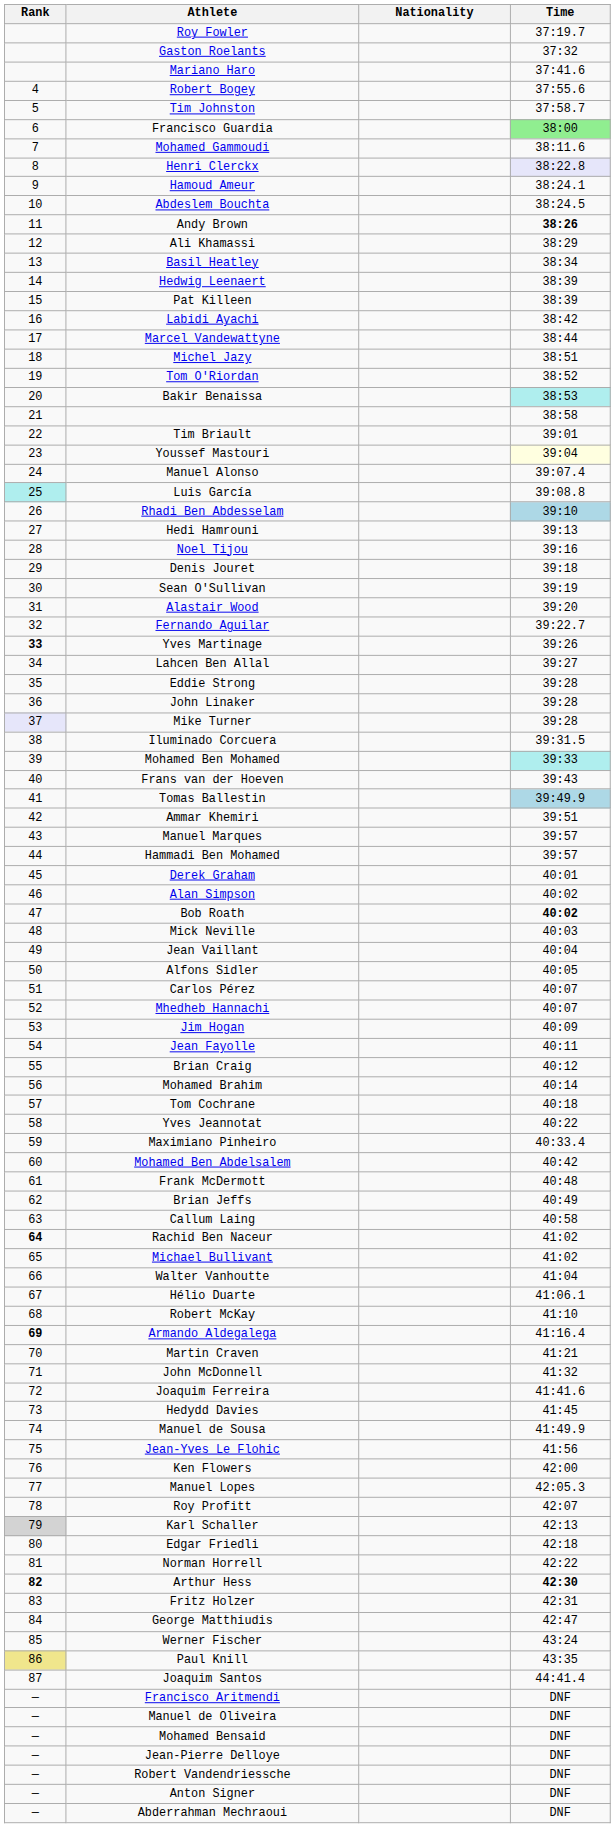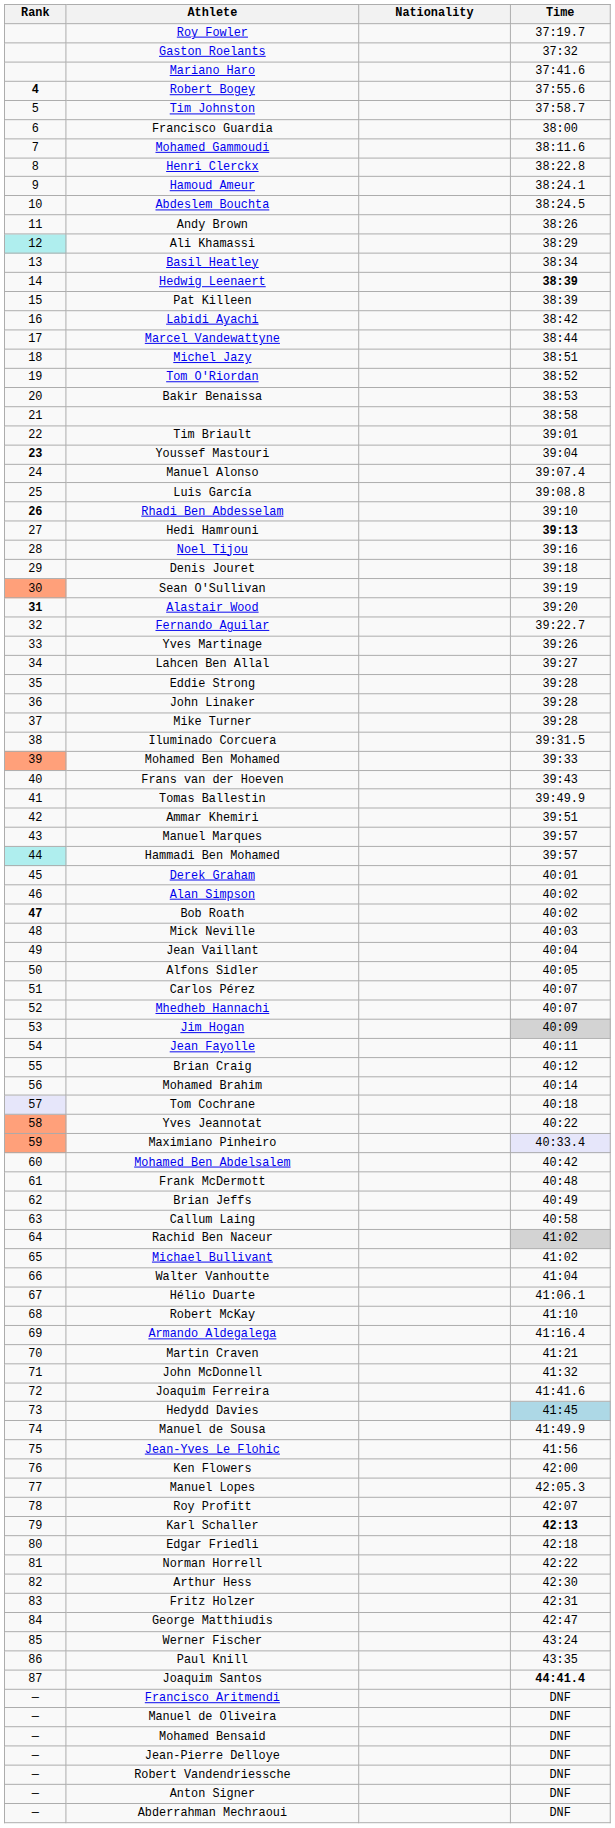 <table class="wikitable sortable" style=" text-align:center; font-size:95%;" width="50%">
 <tr>
 <th>Rank</th>
 <th>Athlete</th>
 <th>Nationality</th>
 <th>Time</th>
 </tr>
 <tr>
 <td align=center></td>
 <td><a href='#'>Roy Fowler</a></td>
 <td></td>
 <td>37:19.7</td>
 </tr>
 <tr>
 <td align=center></td>
 <td><a href='#'>Gaston Roelants</a></td>
 <td></td>
 <td>37:32</td>
 </tr>
 <tr>
 <td align=center></td>
 <td><a href='#'>Mariano Haro</a></td>
 <td></td>
 <td>37:41.6</td>
 </tr>
 <tr>
-<td align=center>4</td>
+<td align=center><strong>4</strong></td>
 <td><a href='#'>Robert Bogey</a></td>
 <td></td>
 <td>37:55.6</td>
 </tr>
 <tr>
 <td align=center>5</td>
 <td><a href='#'>Tim Johnston</a></td>
 <td></td>
 <td>37:58.7</td>
 </tr>
 <tr>
 <td align=center>6</td>
 <td>Francisco Guardia</td>
 <td></td>
-<td style="background: lightgreen;">38:00</td>
+<td>38:00</td>
 </tr>
 <tr>
 <td align=center>7</td>
 <td><a href='#'>Mohamed Gammoudi</a></td>
 <td></td>
 <td>38:11.6</td>
 </tr>
 <tr>
 <td align=center>8</td>
 <td><a href='#'>Henri Clerckx</a></td>
 <td></td>
-<td style="background: lavender;">38:22.8</td>
+<td>38:22.8</td>
 </tr>
 <tr>
 <td align=center>9</td>
 <td><a href='#'>Hamoud Ameur</a></td>
 <td></td>
 <td>38:24.1</td>
 </tr>
 <tr>
 <td align=center>10</td>
 <td><a href='#'>Abdeslem Bouchta</a></td>
 <td></td>
 <td>38:24.5</td>
 </tr>
 <tr>
 <td align=center>11</td>
 <td>Andy Brown</td>
 <td></td>
-<td><strong>38:26</strong></td>
+<td>38:26</td>
 </tr>
 <tr>
-<td align=center>12</td>
+<td align=center style="background: paleturquoise;">12</td>
 <td>Ali Khamassi</td>
 <td></td>
 <td>38:29</td>
 </tr>
 <tr>
 <td align=center>13</td>
 <td><a href='#'>Basil Heatley</a></td>
 <td></td>
 <td>38:34</td>
 </tr>
 <tr>
 <td align=center>14</td>
 <td><a href='#'>Hedwig Leenaert</a></td>
 <td></td>
-<td>38:39</td>
+<td><strong>38:39</strong></td>
 </tr>
 <tr>
 <td align=center>15</td>
 <td>Pat Killeen</td>
 <td></td>
 <td>38:39</td>
 </tr>
 <tr>
 <td align=center>16</td>
 <td><a href='#'>Labidi Ayachi</a></td>
 <td></td>
 <td>38:42</td>
 </tr>
 <tr>
 <td align=center>17</td>
 <td><a href='#'>Marcel Vandewattyne</a></td>
 <td></td>
 <td>38:44</td>
 </tr>
 <tr>
 <td align=center>18</td>
 <td><a href='#'>Michel Jazy</a></td>
 <td></td>
 <td>38:51</td>
 </tr>
 <tr>
 <td align=center>19</td>
 <td><a href='#'>Tom O'Riordan</a></td>
 <td></td>
 <td>38:52</td>
 </tr>
 <tr>
 <td align=center>20</td>
 <td>Bakir Benaissa</td>
 <td></td>
-<td style="background: paleturquoise;">38:53</td>
+<td>38:53</td>
 </tr>
 <tr>
 <td align=center>21</td>
 <td></td>
 <td></td>
 <td>38:58</td>
 </tr>
 <tr>
 <td align=center>22</td>
 <td>Tim Briault</td>
 <td></td>
 <td>39:01</td>
 </tr>
 <tr>
-<td align=center>23</td>
+<td align=center><strong>23</strong></td>
 <td>Youssef Mastouri</td>
 <td></td>
-<td style="background: lightyellow;">39:04</td>
+<td>39:04</td>
 </tr>
 <tr>
 <td align=center>24</td>
 <td>Manuel Alonso</td>
 <td></td>
 <td>39:07.4</td>
 </tr>
 <tr>
-<td align=center style="background: paleturquoise;">25</td>
+<td align=center>25</td>
 <td>Luis García</td>
 <td></td>
 <td>39:08.8</td>
 </tr>
 <tr>
-<td align=center>26</td>
+<td align=center><strong>26</strong></td>
 <td><a href='#'>Rhadi Ben Abdesselam</a></td>
 <td></td>
-<td style="background: lightblue;">39:10</td>
+<td>39:10</td>
 </tr>
 <tr>
 <td align=center>27</td>
 <td>Hedi Hamrouni</td>
 <td></td>
-<td>39:13</td>
+<td><strong>39:13</strong></td>
 </tr>
 <tr>
 <td align=center>28</td>
 <td><a href='#'>Noel Tijou</a></td>
 <td></td>
 <td>39:16</td>
 </tr>
 <tr>
 <td align=center>29</td>
 <td>Denis Jouret</td>
 <td></td>
 <td>39:18</td>
 </tr>
 <tr>
-<td align=center>30</td>
+<td align=center style="background: lightsalmon;">30</td>
 <td>Sean O'Sullivan</td>
 <td></td>
 <td>39:19</td>
 </tr>
 <tr>
-<td align=center>31</td>
+<td align=center><strong>31</strong></td>
 <td><a href='#'>Alastair Wood</a></td>
 <td></td>
 <td>39:20</td>
 </tr>
 <tr>
 <td align=center>32</td>
 <td><a href='#'>Fernando Aguilar</a></td>
 <td></td>
 <td>39:22.7</td>
 </tr>
 <tr>
-<td align=center><strong>33</strong></td>
+<td align=center>33</td>
 <td>Yves Martinage</td>
 <td></td>
 <td>39:26</td>
 </tr>
 <tr>
 <td align=center>34</td>
 <td>Lahcen Ben Allal</td>
 <td></td>
 <td>39:27</td>
 </tr>
 <tr>
 <td align=center>35</td>
 <td>Eddie Strong</td>
 <td></td>
 <td>39:28</td>
 </tr>
 <tr>
 <td align=center>36</td>
 <td>John Linaker</td>
 <td></td>
 <td>39:28</td>
 </tr>
 <tr>
-<td align=center style="background: lavender;">37</td>
+<td align=center>37</td>
 <td>Mike Turner</td>
 <td></td>
 <td>39:28</td>
 </tr>
 <tr>
 <td align=center>38</td>
 <td>Iluminado Corcuera</td>
 <td></td>
 <td>39:31.5</td>
 </tr>
 <tr>
-<td align=center>39</td>
+<td align=center style="background: lightsalmon;">39</td>
 <td>Mohamed Ben Mohamed</td>
 <td></td>
-<td style="background: paleturquoise;">39:33</td>
+<td>39:33</td>
 </tr>
 <tr>
 <td align=center>40</td>
 <td>Frans van der Hoeven</td>
 <td></td>
 <td>39:43</td>
 </tr>
 <tr>
 <td align=center>41</td>
 <td>Tomas Ballestin</td>
 <td></td>
-<td style="background: lightblue;">39:49.9</td>
+<td>39:49.9</td>
 </tr>
 <tr>
 <td align=center>42</td>
 <td>Ammar Khemiri</td>
 <td></td>
 <td>39:51</td>
 </tr>
 <tr>
 <td align=center>43</td>
 <td>Manuel Marques</td>
 <td></td>
 <td>39:57</td>
 </tr>
 <tr>
-<td align=center>44</td>
+<td align=center style="background: paleturquoise;">44</td>
 <td>Hammadi Ben Mohamed</td>
 <td></td>
 <td>39:57</td>
 </tr>
 <tr>
 <td align=center>45</td>
 <td><a href='#'>Derek Graham</a></td>
 <td></td>
 <td>40:01</td>
 </tr>
 <tr>
 <td align=center>46</td>
 <td><a href='#'>Alan Simpson</a></td>
 <td></td>
 <td>40:02</td>
 </tr>
 <tr>
-<td align=center>47</td>
+<td align=center><strong>47</strong></td>
 <td>Bob Roath</td>
 <td></td>
-<td><strong>40:02</strong></td>
+<td>40:02</td>
 </tr>
 <tr>
 <td align=center>48</td>
 <td>Mick Neville</td>
 <td></td>
 <td>40:03</td>
 </tr>
 <tr>
 <td align=center>49</td>
 <td>Jean Vaillant</td>
 <td></td>
 <td>40:04</td>
 </tr>
 <tr>
 <td align=center>50</td>
 <td>Alfons Sidler</td>
 <td></td>
 <td>40:05</td>
 </tr>
 <tr>
 <td align=center>51</td>
 <td>Carlos Pérez</td>
 <td></td>
 <td>40:07</td>
 </tr>
 <tr>
 <td align=center>52</td>
 <td><a href='#'>Mhedheb Hannachi</a></td>
 <td></td>
 <td>40:07</td>
 </tr>
 <tr>
 <td align=center>53</td>
 <td><a href='#'>Jim Hogan</a></td>
 <td></td>
-<td>40:09</td>
+<td style="background: lightgrey;">40:09</td>
 </tr>
 <tr>
 <td align=center>54</td>
 <td><a href='#'>Jean Fayolle</a></td>
 <td></td>
 <td>40:11</td>
 </tr>
 <tr>
 <td align=center>55</td>
 <td>Brian Craig</td>
 <td></td>
 <td>40:12</td>
 </tr>
 <tr>
 <td align=center>56</td>
 <td>Mohamed Brahim</td>
 <td></td>
 <td>40:14</td>
 </tr>
 <tr>
-<td align=center>57</td>
+<td align=center style="background: lavender;">57</td>
 <td>Tom Cochrane</td>
 <td></td>
 <td>40:18</td>
 </tr>
 <tr>
-<td align=center>58</td>
+<td align=center style="background: lightsalmon;">58</td>
 <td>Yves Jeannotat</td>
 <td></td>
 <td>40:22</td>
 </tr>
 <tr>
-<td align=center>59</td>
+<td align=center style="background: lightsalmon;">59</td>
 <td>Maximiano Pinheiro</td>
 <td></td>
-<td>40:33.4</td>
+<td style="background: lavender;">40:33.4</td>
 </tr>
 <tr>
 <td align=center>60</td>
 <td><a href='#'>Mohamed Ben Abdelsalem</a></td>
 <td></td>
 <td>40:42</td>
 </tr>
 <tr>
 <td align=center>61</td>
 <td>Frank McDermott</td>
 <td></td>
 <td>40:48</td>
 </tr>
 <tr>
 <td align=center>62</td>
 <td>Brian Jeffs</td>
 <td></td>
 <td>40:49</td>
 </tr>
 <tr>
 <td align=center>63</td>
 <td>Callum Laing</td>
 <td></td>
 <td>40:58</td>
 </tr>
 <tr>
-<td align=center><strong>64</strong></td>
+<td align=center>64</td>
 <td>Rachid Ben Naceur</td>
 <td></td>
-<td>41:02</td>
+<td style="background: lightgrey;">41:02</td>
 </tr>
 <tr>
 <td align=center>65</td>
 <td><a href='#'>Michael Bullivant</a></td>
 <td></td>
 <td>41:02</td>
 </tr>
 <tr>
 <td align=center>66</td>
 <td>Walter Vanhoutte</td>
 <td></td>
 <td>41:04</td>
 </tr>
 <tr>
 <td align=center>67</td>
 <td>Hélio Duarte</td>
 <td></td>
 <td>41:06.1</td>
 </tr>
 <tr>
 <td align=center>68</td>
 <td>Robert McKay</td>
 <td></td>
 <td>41:10</td>
 </tr>
 <tr>
-<td align=center><strong>69</strong></td>
+<td align=center>69</td>
 <td><a href='#'>Armando Aldegalega</a></td>
 <td></td>
 <td>41:16.4</td>
 </tr>
 <tr>
 <td align=center>70</td>
 <td>Martin Craven</td>
 <td></td>
 <td>41:21</td>
 </tr>
 <tr>
 <td align=center>71</td>
 <td>John McDonnell</td>
 <td></td>
 <td>41:32</td>
 </tr>
 <tr>
 <td align=center>72</td>
 <td>Joaquim Ferreira</td>
 <td></td>
 <td>41:41.6</td>
 </tr>
 <tr>
 <td align=center>73</td>
 <td>Hedydd Davies</td>
 <td></td>
-<td>41:45</td>
+<td style="background: lightblue;">41:45</td>
 </tr>
 <tr>
 <td align=center>74</td>
 <td>Manuel de Sousa</td>
 <td></td>
 <td>41:49.9</td>
 </tr>
 <tr>
 <td align=center>75</td>
 <td><a href='#'>Jean-Yves Le Flohic</a></td>
 <td></td>
 <td>41:56</td>
 </tr>
 <tr>
 <td align=center>76</td>
 <td>Ken Flowers</td>
 <td></td>
 <td>42:00</td>
 </tr>
 <tr>
 <td align=center>77</td>
 <td>Manuel Lopes</td>
 <td></td>
 <td>42:05.3</td>
 </tr>
 <tr>
 <td align=center>78</td>
 <td>Roy Profitt</td>
 <td></td>
 <td>42:07</td>
 </tr>
 <tr>
-<td align=center style="background: lightgrey;">79</td>
+<td align=center>79</td>
 <td>Karl Schaller</td>
 <td></td>
-<td>42:13</td>
+<td><strong>42:13</strong></td>
 </tr>
 <tr>
 <td align=center>80</td>
 <td>Edgar Friedli</td>
 <td></td>
 <td>42:18</td>
 </tr>
 <tr>
 <td align=center>81</td>
 <td>Norman Horrell</td>
 <td></td>
 <td>42:22</td>
 </tr>
 <tr>
-<td align=center><strong>82</strong></td>
+<td align=center>82</td>
 <td>Arthur Hess</td>
 <td></td>
-<td><strong>42:30</strong></td>
+<td>42:30</td>
 </tr>
 <tr>
 <td align=center>83</td>
 <td>Fritz Holzer</td>
 <td></td>
 <td>42:31</td>
 </tr>
 <tr>
 <td align=center>84</td>
 <td>George Matthiudis</td>
 <td></td>
 <td>42:47</td>
 </tr>
 <tr>
 <td align=center>85</td>
 <td>Werner Fischer</td>
 <td></td>
 <td>43:24</td>
 </tr>
 <tr>
-<td align=center style="background: khaki;">86</td>
+<td align=center>86</td>
 <td>Paul Knill</td>
 <td></td>
 <td>43:35</td>
 </tr>
 <tr>
 <td align=center>87</td>
 <td>Joaquim Santos</td>
 <td></td>
-<td>44:41.4</td>
+<td><strong>44:41.4</strong></td>
 </tr>
 <tr>
 <td align=center>—</td>
 <td><a href='#'>Francisco Aritmendi</a></td>
 <td></td>
 <td>DNF</td>
 </tr>
 <tr>
 <td align=center>—</td>
 <td>Manuel de Oliveira</td>
 <td></td>
 <td>DNF</td>
 </tr>
 <tr>
 <td align=center>—</td>
 <td>Mohamed Bensaid</td>
 <td></td>
 <td>DNF</td>
 </tr>
 <tr>
 <td align=center>—</td>
 <td>Jean-Pierre Delloye</td>
 <td></td>
 <td>DNF</td>
 </tr>
 <tr>
 <td align=center>—</td>
 <td>Robert Vandendriessche</td>
 <td></td>
 <td>DNF</td>
 </tr>
 <tr>
 <td align=center>—</td>
 <td>Anton Signer</td>
 <td></td>
 <td>DNF</td>
 </tr>
 <tr>
 <td align=center>—</td>
 <td>Abderrahman Mechraoui</td>
 <td></td>
 <td>DNF</td>
 </tr>
 </table>
